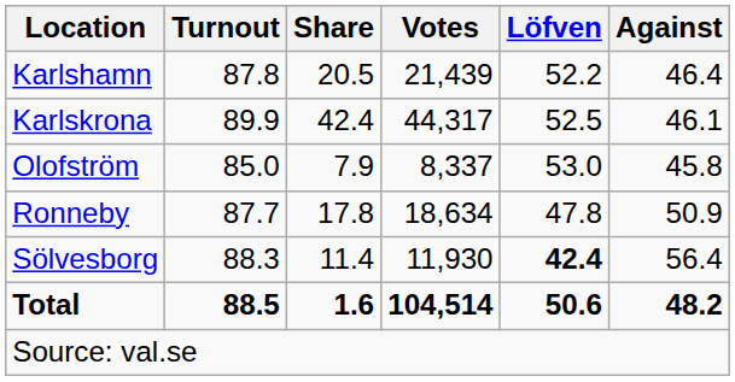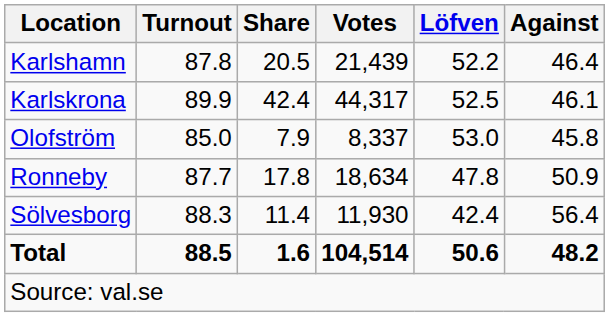 <table class="wikitable sortable" style=text-align:right>
 <tr>
 <th>Location</th>
 <th>Turnout</th>
 <th>Share</th>
 <th>Votes</th>
 <th><a href='#'>Löfven</a></th>
 <th>Against</th>
 </tr>
 <tr>
 <td align=left><a href='#'>Karlshamn</a></td>
 <td>87.8</td>
 <td>20.5</td>
 <td>21,439</td>
 <td>52.2</td>
 <td>46.4</td>
 </tr>
 <tr>
 <td align=left><a href='#'>Karlskrona</a></td>
 <td>89.9</td>
 <td>42.4</td>
 <td>44,317</td>
 <td>52.5</td>
 <td>46.1</td>
 </tr>
 <tr>
 <td align=left><a href='#'>Olofström</a></td>
 <td>85.0</td>
 <td>7.9</td>
 <td>8,337</td>
 <td>53.0</td>
 <td>45.8</td>
 </tr>
 <tr>
 <td align=left><a href='#'>Ronneby</a></td>
 <td>87.7</td>
 <td>17.8</td>
 <td>18,634</td>
 <td>47.8</td>
 <td>50.9</td>
 </tr>
 <tr>
 <td align=left><a href='#'>Sölvesborg</a></td>
 <td>88.3</td>
 <td>11.4</td>
 <td>11,930</td>
-<td><strong>42.4</strong></td>
+<td>42.4</td>
 <td>56.4</td>
 </tr>
 <tr>
 <td align=left><strong>Total</strong></td>
 <td><strong>88.5</strong></td>
 <td><strong>1.6</strong></td>
 <td><strong>104,514</strong></td>
 <td><strong>50.6</strong></td>
 <td><strong>48.2</strong></td>
 </tr>
 <tr>
 <td align=left colspan=6>Source: val.se</td>
 </tr>
 </table>
